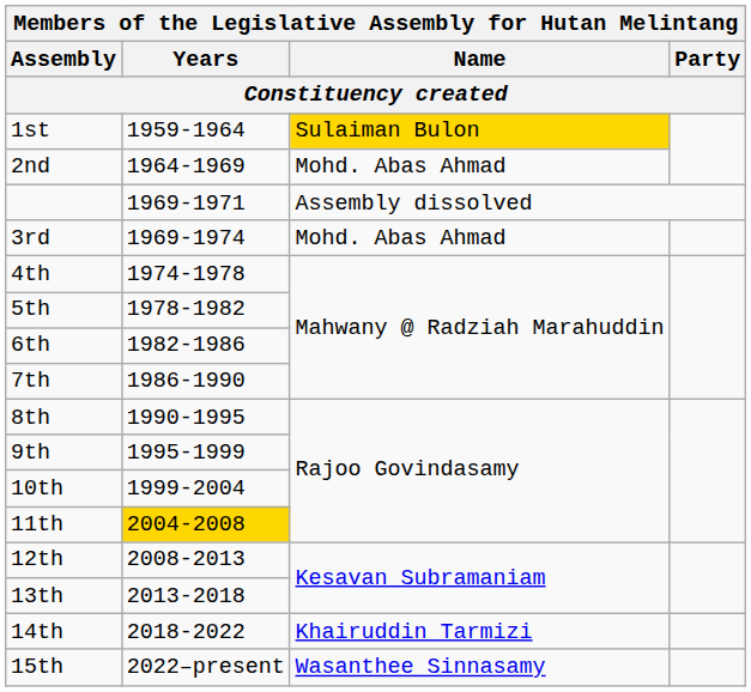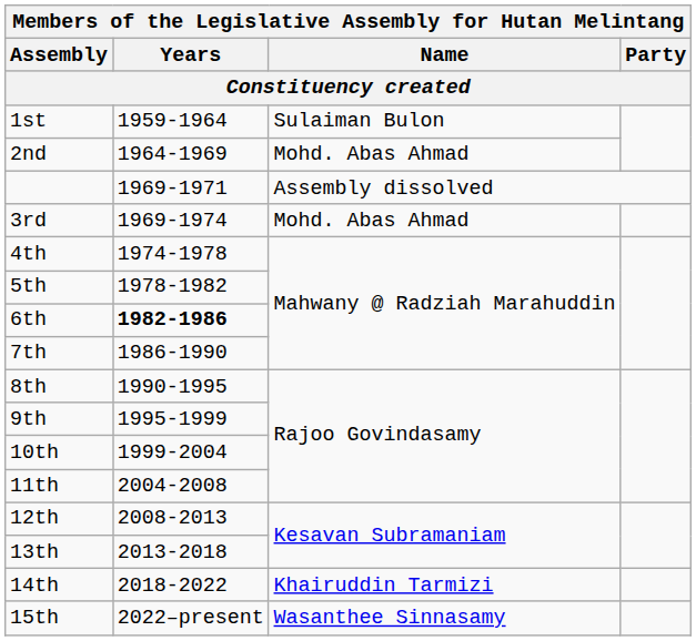 <table class="wikitable">
 <tr>
 <th colspan="4">Members of the Legislative Assembly for Hutan Melintang</th>
 </tr>
 <tr>
 <th>Assembly</th>
 <th>Years</th>
 <th>Name</th>
 <th>Party</th>
 </tr>
 <tr>
 <th colspan="4"><em>Constituency created</em></th>
 </tr>
 <tr>
 <td>1st</td>
 <td>1959-1964</td>
-<td style="background: gold;">Sulaiman Bulon</td>
+<td>Sulaiman Bulon</td>
 <td rowspan="2"></td>
 </tr>
 <tr>
 <td>2nd</td>
 <td>1964-1969</td>
 <td>Mohd. Abas Ahmad</td>
 </tr>
 <tr>
 <td></td>
 <td>1969-1971</td>
 <td colspan="2">Assembly dissolved</td>
 </tr>
 <tr>
 <td>3rd</td>
 <td>1969-1974</td>
 <td>Mohd. Abas Ahmad</td>
 <td></td>
 </tr>
 <tr>
 <td>4th</td>
 <td>1974-1978</td>
 <td rowspan="4">Mahwany @ Radziah Marahuddin</td>
 <td rowspan="4"></td>
 </tr>
 <tr>
 <td>5th</td>
 <td>1978-1982</td>
 </tr>
 <tr>
 <td>6th</td>
-<td>1982-1986</td>
+<td><strong>1982-1986</strong></td>
 </tr>
 <tr>
 <td>7th</td>
 <td>1986-1990</td>
 </tr>
 <tr>
 <td>8th</td>
 <td>1990-1995</td>
 <td rowspan="4">Rajoo Govindasamy</td>
 <td rowspan="4"></td>
 </tr>
 <tr>
 <td>9th</td>
 <td>1995-1999</td>
 </tr>
 <tr>
 <td>10th</td>
 <td>1999-2004</td>
 </tr>
 <tr>
 <td>11th</td>
-<td style="background: gold;">2004-2008</td>
+<td>2004-2008</td>
 </tr>
 <tr>
 <td>12th</td>
 <td>2008-2013</td>
 <td rowspan="2"><a href='#'>Kesavan Subramaniam</a></td>
 <td rowspan="2"></td>
 </tr>
 <tr>
 <td>13th</td>
 <td>2013-2018</td>
 </tr>
 <tr>
 <td>14th</td>
 <td>2018-2022</td>
 <td><a href='#'>Khairuddin Tarmizi</a></td>
 <td></td>
 </tr>
 <tr>
 <td>15th</td>
 <td>2022–present</td>
 <td><a href='#'>Wasanthee Sinnasamy</a></td>
 <td></td>
 </tr>
 </table>
